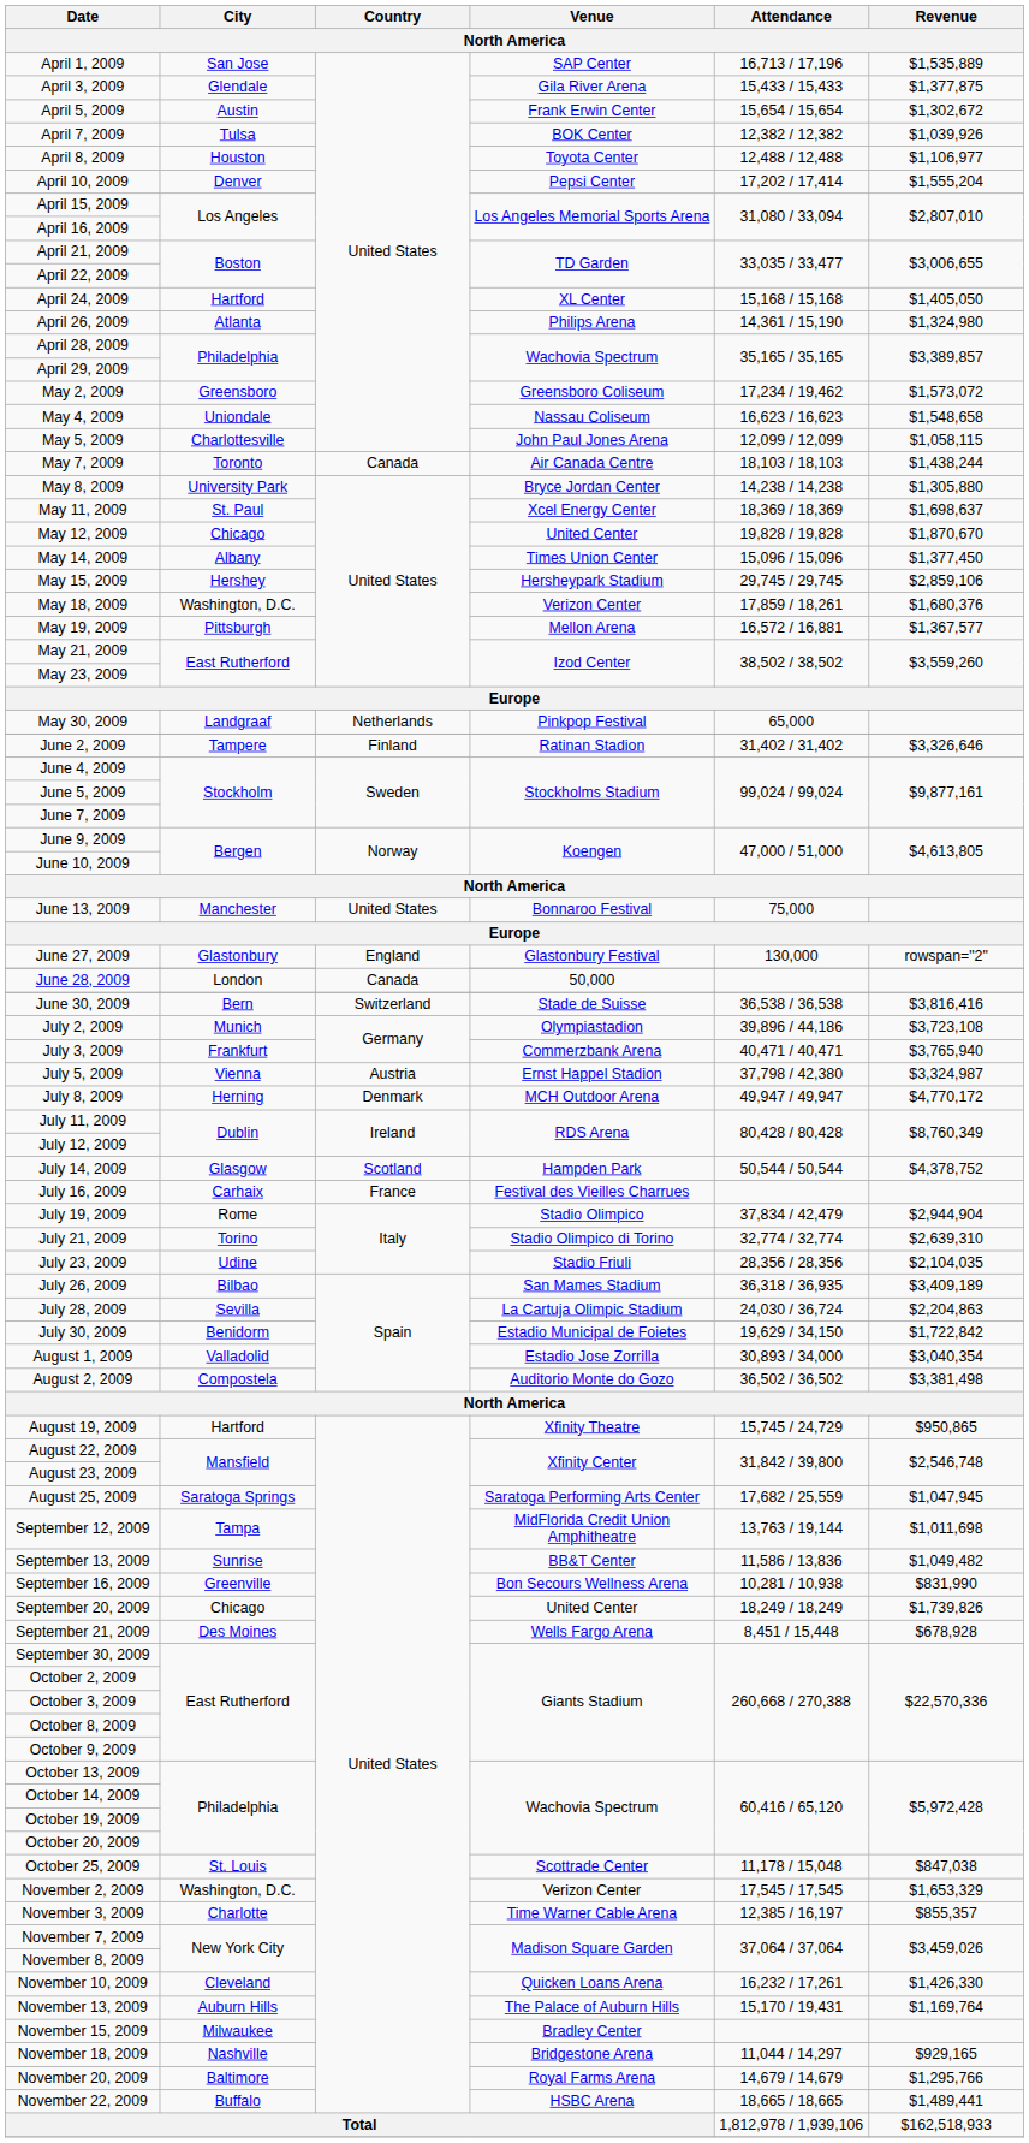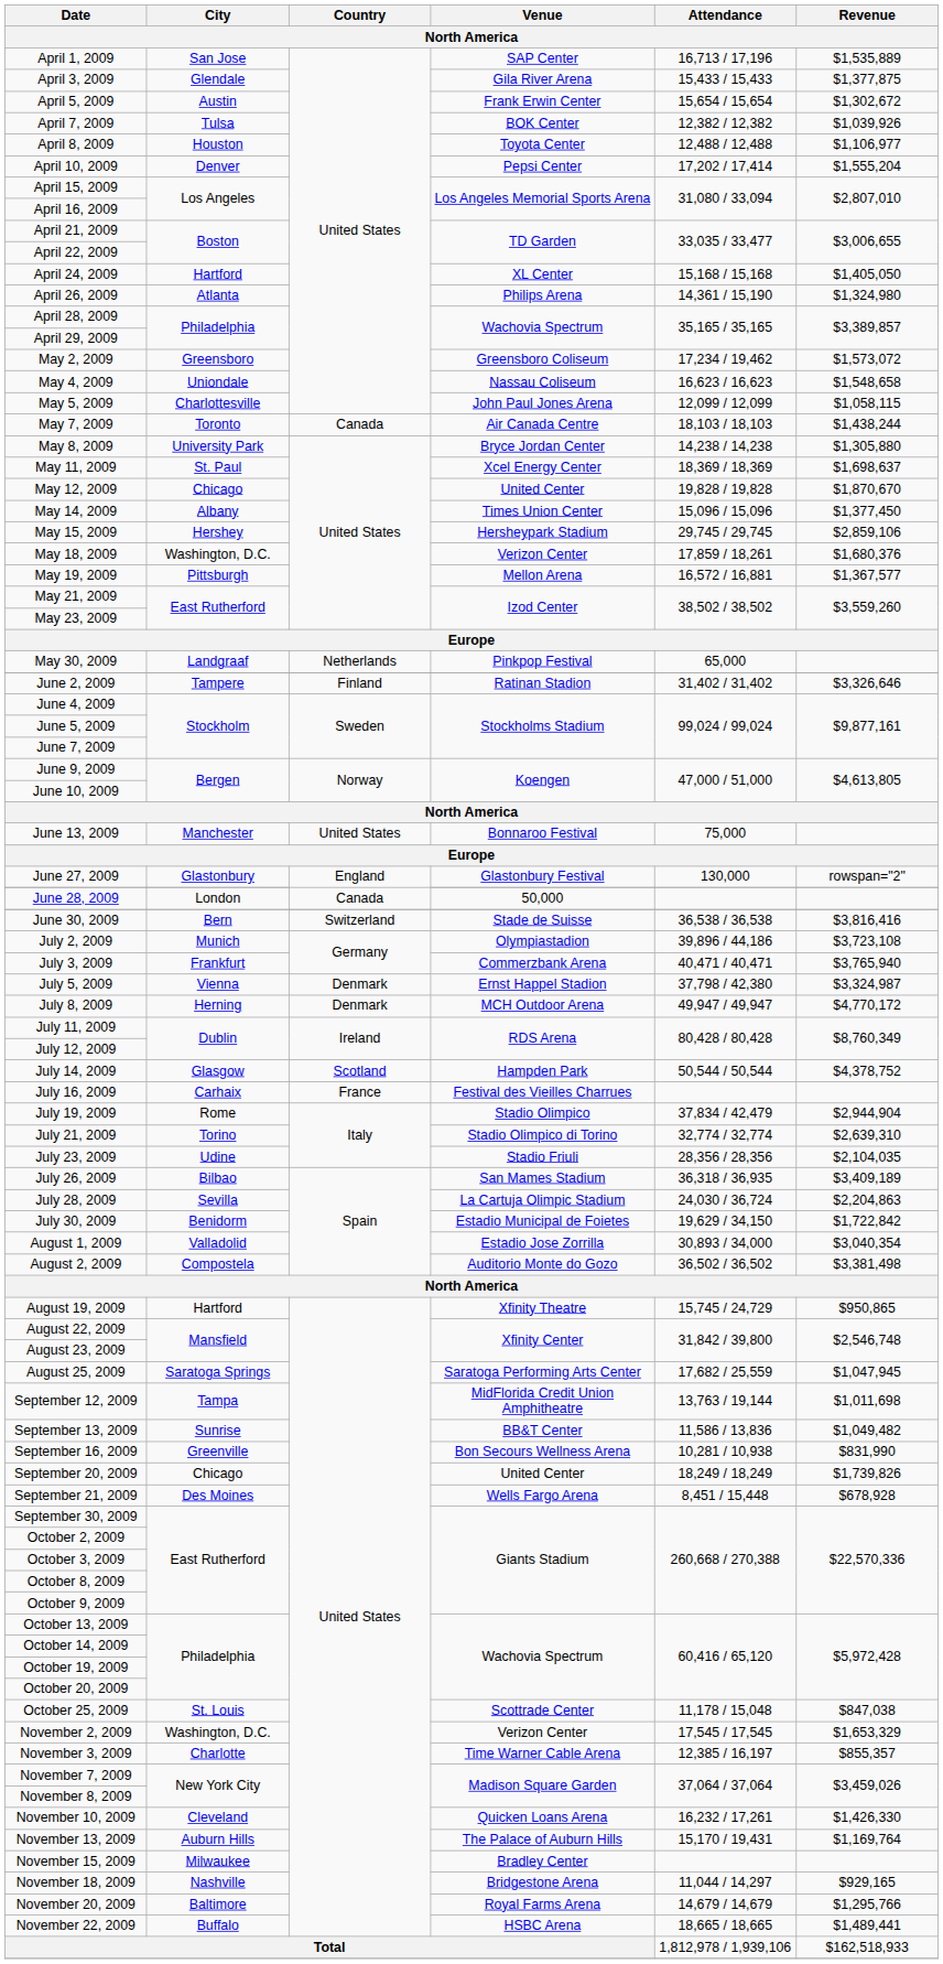 <table class="wikitable" style="text-align:center;">
 <tr>
 <th scope="col" style="width:10em;">Date</th>
 <th scope="col" style="width:10em;">City</th>
 <th scope="col" style="width:10em;">Country</th>
 <th scope="col" style="width:16em;">Venue</th>
 <th scope="col" style="width:10em;">Attendance</th>
 <th scope="col" style="width:10em;">Revenue</th>
 </tr>
 <tr>
 <th colspan="6">North America</th>
 </tr>
 <tr>
 <td>April 1, 2009</td>
 <td><a href='#'>San Jose</a></td>
 <td rowspan="17">United States</td>
 <td><a href='#'>SAP Center</a></td>
 <td>16,713 / 17,196</td>
 <td>$1,535,889</td>
 </tr>
 <tr>
 <td>April 3, 2009</td>
 <td><a href='#'>Glendale</a></td>
 <td><a href='#'>Gila River Arena</a></td>
 <td>15,433 / 15,433</td>
 <td>$1,377,875</td>
 </tr>
 <tr>
 <td>April 5, 2009</td>
 <td><a href='#'>Austin</a></td>
 <td><a href='#'>Frank Erwin Center</a></td>
 <td>15,654 / 15,654</td>
 <td>$1,302,672</td>
 </tr>
 <tr>
 <td>April 7, 2009</td>
 <td><a href='#'>Tulsa</a></td>
 <td><a href='#'>BOK Center</a></td>
 <td>12,382 / 12,382</td>
 <td>$1,039,926</td>
 </tr>
 <tr>
 <td>April 8, 2009</td>
 <td><a href='#'>Houston</a></td>
 <td><a href='#'>Toyota Center</a></td>
 <td>12,488 / 12,488</td>
 <td>$1,106,977</td>
 </tr>
 <tr>
 <td>April 10, 2009</td>
 <td><a href='#'>Denver</a></td>
 <td><a href='#'>Pepsi Center</a></td>
 <td>17,202 / 17,414</td>
 <td>$1,555,204</td>
 </tr>
 <tr>
 <td>April 15, 2009</td>
 <td rowspan="2">Los Angeles</td>
 <td rowspan="2"><a href='#'>Los Angeles Memorial Sports Arena</a></td>
 <td rowspan="2">31,080 / 33,094</td>
 <td rowspan="2">$2,807,010</td>
 </tr>
 <tr>
 <td>April 16, 2009</td>
 </tr>
 <tr>
 <td>April 21, 2009</td>
 <td rowspan="2"><a href='#'>Boston</a></td>
 <td rowspan="2"><a href='#'>TD Garden</a></td>
 <td rowspan="2">33,035 / 33,477</td>
 <td rowspan="2">$3,006,655</td>
 </tr>
 <tr>
 <td>April 22, 2009</td>
 </tr>
 <tr>
 <td>April 24, 2009</td>
 <td><a href='#'>Hartford</a></td>
 <td><a href='#'>XL Center</a></td>
 <td>15,168 / 15,168</td>
 <td>$1,405,050</td>
 </tr>
 <tr>
 <td>April 26, 2009</td>
 <td><a href='#'>Atlanta</a></td>
 <td><a href='#'>Philips Arena</a></td>
 <td>14,361 / 15,190</td>
 <td>$1,324,980</td>
 </tr>
 <tr>
 <td>April 28, 2009</td>
 <td rowspan="2"><a href='#'>Philadelphia</a></td>
 <td rowspan="2"><a href='#'>Wachovia Spectrum</a></td>
 <td rowspan="2">35,165 / 35,165</td>
 <td rowspan="2">$3,389,857</td>
 </tr>
 <tr>
 <td>April 29, 2009</td>
 </tr>
 <tr>
 <td>May 2, 2009</td>
 <td><a href='#'>Greensboro</a></td>
 <td><a href='#'>Greensboro Coliseum</a></td>
 <td>17,234 / 19,462</td>
 <td>$1,573,072</td>
 </tr>
 <tr>
 <td>May 4, 2009</td>
 <td><a href='#'>Uniondale</a></td>
 <td><a href='#'>Nassau Coliseum</a></td>
 <td>16,623 / 16,623</td>
 <td>$1,548,658</td>
 </tr>
 <tr>
 <td>May 5, 2009</td>
 <td><a href='#'>Charlottesville</a></td>
 <td><a href='#'>John Paul Jones Arena</a></td>
 <td>12,099 / 12,099</td>
 <td>$1,058,115</td>
 </tr>
 <tr>
 <td>May 7, 2009</td>
 <td><a href='#'>Toronto</a></td>
 <td>Canada</td>
 <td><a href='#'>Air Canada Centre</a></td>
 <td>18,103 / 18,103</td>
 <td>$1,438,244</td>
 </tr>
 <tr>
 <td>May 8, 2009</td>
 <td><a href='#'>University Park</a></td>
 <td rowspan="9">United States</td>
 <td><a href='#'>Bryce Jordan Center</a></td>
 <td>14,238 / 14,238</td>
 <td>$1,305,880</td>
 </tr>
 <tr>
 <td>May 11, 2009</td>
 <td><a href='#'>St. Paul</a></td>
 <td><a href='#'>Xcel Energy Center</a></td>
 <td>18,369 / 18,369</td>
 <td>$1,698,637</td>
 </tr>
 <tr>
 <td>May 12, 2009</td>
 <td><a href='#'>Chicago</a></td>
 <td><a href='#'>United Center</a></td>
 <td>19,828 / 19,828</td>
 <td>$1,870,670</td>
 </tr>
 <tr>
 <td>May 14, 2009</td>
 <td><a href='#'>Albany</a></td>
 <td><a href='#'>Times Union Center</a></td>
 <td>15,096 / 15,096</td>
 <td>$1,377,450</td>
 </tr>
 <tr>
 <td>May 15, 2009</td>
 <td><a href='#'>Hershey</a></td>
 <td><a href='#'>Hersheypark Stadium</a></td>
 <td>29,745 / 29,745</td>
 <td>$2,859,106</td>
 </tr>
 <tr>
 <td>May 18, 2009</td>
 <td>Washington, D.C.</td>
 <td><a href='#'>Verizon Center</a></td>
 <td>17,859 / 18,261</td>
 <td>$1,680,376</td>
 </tr>
 <tr>
 <td>May 19, 2009</td>
 <td><a href='#'>Pittsburgh</a></td>
 <td><a href='#'>Mellon Arena</a></td>
 <td>16,572 / 16,881</td>
 <td>$1,367,577</td>
 </tr>
 <tr>
 <td>May 21, 2009</td>
 <td rowspan="2"><a href='#'>East Rutherford</a></td>
 <td rowspan="2"><a href='#'>Izod Center</a></td>
 <td rowspan="2">38,502 / 38,502</td>
 <td rowspan="2">$3,559,260</td>
 </tr>
 <tr>
 <td>May 23, 2009</td>
 </tr>
 <tr>
 <th colspan="6">Europe</th>
 </tr>
 <tr>
 <td>May 30, 2009</td>
 <td><a href='#'>Landgraaf</a></td>
 <td>Netherlands</td>
 <td><a href='#'>Pinkpop Festival</a></td>
 <td>65,000</td>
 <td></td>
 </tr>
 <tr>
 </tr>
 <tr>
 </tr>
 <tr>
 <td>June 2, 2009</td>
 <td><a href='#'>Tampere</a></td>
 <td>Finland</td>
 <td><a href='#'>Ratinan Stadion</a></td>
 <td>31,402 / 31,402</td>
 <td>$3,326,646</td>
 </tr>
 <tr>
 <td>June 4, 2009</td>
 <td rowspan="3"><a href='#'>Stockholm</a></td>
 <td rowspan="3">Sweden</td>
 <td rowspan="3"><a href='#'>Stockholms Stadium</a></td>
 <td rowspan="3">99,024 / 99,024</td>
 <td rowspan="3">$9,877,161</td>
 </tr>
 <tr>
 <td>June 5, 2009</td>
 </tr>
 <tr>
 <td>June 7, 2009</td>
 </tr>
 <tr>
 <td>June 9, 2009</td>
 <td rowspan="2"><a href='#'>Bergen</a></td>
 <td rowspan="2">Norway</td>
 <td rowspan="2"><a href='#'>Koengen</a></td>
 <td rowspan="2">47,000 / 51,000</td>
 <td rowspan="2">$4,613,805</td>
 </tr>
 <tr>
 <td>June 10, 2009</td>
 </tr>
 <tr>
 <th colspan="6">North America</th>
 </tr>
 <tr>
 <td>June 13, 2009</td>
 <td><a href='#'>Manchester</a></td>
 <td>United States</td>
 <td><a href='#'>Bonnaroo Festival</a></td>
 <td>75,000</td>
 <td></td>
 </tr>
 <tr>
 <th colspan="6">Europe</th>
 </tr>
 <tr>
 <td>June 27, 2009</td>
 <td><a href='#'>Glastonbury</a></td>
 <td rowspan="2">England</td>
 <td><a href='#'>Glastonbury Festival</a></td>
 <td>130,000</td>
 <td>rowspan="2" </td>
 </tr>
 <tr>
 </tr>
 <tr>
 <td><a href='#'>June 28, 2009</a></td>
 <td>London</td>
 <td>Canada</td>
 <td>50,000</td>
 <td></td>
 <td></td>
 </tr>
 <tr>
 </tr>
 <tr>
 <td>June 30, 2009</td>
 <td><a href='#'>Bern</a></td>
 <td>Switzerland</td>
 <td><a href='#'>Stade de Suisse</a></td>
 <td>36,538 / 36,538</td>
 <td>$3,816,416</td>
 </tr>
 <tr | rowspan="2"| 50 000>
 <td>July 2, 2009</td>
 <td><a href='#'>Munich</a></td>
 <td rowspan="2">Germany</td>
 <td><a href='#'>Olympiastadion</a></td>
 <td>39,896 / 44,186</td>
 <td>$3,723,108</td>
 </tr>
 <tr>
 <td>July 3, 2009</td>
 <td><a href='#'>Frankfurt</a></td>
 <td><a href='#'>Commerzbank Arena</a></td>
 <td>40,471 / 40,471</td>
 <td>$3,765,940</td>
 </tr>
 <tr>
 <td>July 5, 2009</td>
 <td><a href='#'>Vienna</a></td>
-<td>Austria</td>
+<td>Denmark</td>
 <td><a href='#'>Ernst Happel Stadion</a></td>
 <td>37,798 / 42,380</td>
 <td>$3,324,987</td>
 </tr>
 <tr>
 <td>July 8, 2009</td>
 <td><a href='#'>Herning</a></td>
 <td>Denmark</td>
 <td><a href='#'>MCH Outdoor Arena</a></td>
 <td>49,947 / 49,947</td>
 <td>$4,770,172</td>
 </tr>
 <tr>
 <td>July 11, 2009</td>
 <td rowspan="2"><a href='#'>Dublin</a></td>
 <td rowspan="2">Ireland</td>
 <td rowspan="2"><a href='#'>RDS Arena</a></td>
 <td rowspan="2">80,428 / 80,428</td>
 <td rowspan="2">$8,760,349</td>
 </tr>
 <tr>
 <td>July 12, 2009</td>
 </tr>
 <tr>
 <td>July 14, 2009</td>
 <td><a href='#'>Glasgow</a></td>
 <td><a href='#'>Scotland</a></td>
 <td><a href='#'>Hampden Park</a></td>
 <td>50,544 / 50,544</td>
 <td>$4,378,752</td>
 </tr>
 <tr>
 <td>July 16, 2009</td>
 <td><a href='#'>Carhaix</a></td>
 <td>France</td>
 <td><a href='#'>Festival des Vieilles Charrues</a></td>
 <td></td>
 <td></td>
 </tr>
 <tr>
 <td>July 19, 2009</td>
 <td>Rome</td>
 <td rowspan="3">Italy</td>
 <td><a href='#'>Stadio Olimpico</a></td>
 <td>37,834 / 42,479</td>
 <td>$2,944,904</td>
 </tr>
 <tr>
 <td>July 21, 2009</td>
 <td><a href='#'>Torino</a></td>
 <td><a href='#'>Stadio Olimpico di Torino</a></td>
 <td>32,774 / 32,774</td>
 <td>$2,639,310</td>
 </tr>
 <tr>
 <td>July 23, 2009</td>
 <td><a href='#'>Udine</a></td>
 <td><a href='#'>Stadio Friuli</a></td>
 <td>28,356 / 28,356</td>
 <td>$2,104,035</td>
 </tr>
 <tr>
 <td>July 26, 2009</td>
 <td><a href='#'>Bilbao</a></td>
 <td rowspan="5">Spain</td>
 <td><a href='#'>San Mames Stadium</a></td>
 <td>36,318 / 36,935</td>
 <td>$3,409,189</td>
 </tr>
 <tr>
 <td>July 28, 2009</td>
 <td><a href='#'>Sevilla</a></td>
 <td><a href='#'>La Cartuja Olimpic Stadium</a></td>
 <td>24,030 / 36,724</td>
 <td>$2,204,863</td>
 </tr>
 <tr>
 <td>July 30, 2009</td>
 <td><a href='#'>Benidorm</a></td>
 <td><a href='#'>Estadio Municipal de Foietes</a></td>
 <td>19,629 / 34,150</td>
 <td>$1,722,842</td>
 </tr>
 <tr>
 <td>August 1, 2009</td>
 <td><a href='#'>Valladolid</a></td>
 <td><a href='#'>Estadio Jose Zorrilla</a></td>
 <td>30,893 / 34,000</td>
 <td>$3,040,354</td>
 </tr>
 <tr>
 <td>August 2, 2009</td>
 <td><a href='#'>Compostela</a></td>
 <td><a href='#'>Auditorio Monte do Gozo</a></td>
 <td>36,502 / 36,502</td>
 <td>$3,381,498</td>
 </tr>
 <tr>
 <th colspan="6">North America</th>
 </tr>
 <tr>
 <td>August 19, 2009</td>
 <td>Hartford</td>
 <td rowspan="29">United States</td>
 <td><a href='#'>Xfinity Theatre</a></td>
 <td>15,745 / 24,729</td>
 <td>$950,865</td>
 </tr>
 <tr>
 <td>August 22, 2009</td>
 <td rowspan="2"><a href='#'>Mansfield</a></td>
 <td rowspan="2"><a href='#'>Xfinity Center</a></td>
 <td rowspan="2">31,842 / 39,800</td>
 <td rowspan="2">$2,546,748</td>
 </tr>
 <tr>
 <td>August 23, 2009</td>
 </tr>
 <tr>
 <td>August 25, 2009</td>
 <td><a href='#'>Saratoga Springs</a></td>
 <td><a href='#'>Saratoga Performing Arts Center</a></td>
 <td>17,682 / 25,559</td>
 <td>$1,047,945</td>
 </tr>
 <tr>
 <td>September 12, 2009</td>
 <td><a href='#'>Tampa</a></td>
 <td><a href='#'>MidFlorida Credit Union Amphitheatre</a></td>
 <td>13,763 / 19,144</td>
 <td>$1,011,698</td>
 </tr>
 <tr>
 <td>September 13, 2009</td>
 <td><a href='#'>Sunrise</a></td>
 <td><a href='#'>BB&T Center</a></td>
 <td>11,586 / 13,836</td>
 <td>$1,049,482</td>
 </tr>
 <tr>
 <td>September 16, 2009</td>
 <td><a href='#'>Greenville</a></td>
 <td><a href='#'>Bon Secours Wellness Arena</a></td>
 <td>10,281 / 10,938</td>
 <td>$831,990</td>
 </tr>
 <tr>
 <td>September 20, 2009</td>
 <td>Chicago</td>
 <td>United Center</td>
 <td>18,249 / 18,249</td>
 <td>$1,739,826</td>
 </tr>
 <tr>
 <td>September 21, 2009</td>
 <td><a href='#'>Des Moines</a></td>
 <td><a href='#'>Wells Fargo Arena</a></td>
 <td>8,451 / 15,448</td>
 <td>$678,928</td>
 </tr>
 <tr>
 <td>September 30, 2009</td>
 <td rowspan="5">East Rutherford</td>
 <td rowspan="5">Giants Stadium</td>
 <td rowspan="5">260,668 / 270,388</td>
 <td rowspan="5">$22,570,336</td>
 </tr>
 <tr>
 <td>October 2, 2009</td>
 </tr>
 <tr>
 <td>October 3, 2009</td>
 </tr>
 <tr>
 <td>October 8, 2009</td>
 </tr>
 <tr>
 <td>October 9, 2009</td>
 </tr>
 <tr>
 <td>October 13, 2009</td>
 <td rowspan="4">Philadelphia</td>
 <td rowspan="4">Wachovia Spectrum</td>
 <td rowspan="4">60,416 / 65,120</td>
 <td rowspan="4">$5,972,428</td>
 </tr>
 <tr>
 <td>October 14, 2009</td>
 </tr>
 <tr>
 <td>October 19, 2009</td>
 </tr>
 <tr>
 <td>October 20, 2009</td>
 </tr>
 <tr>
 <td>October 25, 2009</td>
 <td><a href='#'>St. Louis</a></td>
 <td><a href='#'>Scottrade Center</a></td>
 <td>11,178 / 15,048</td>
 <td>$847,038</td>
 </tr>
 <tr>
 <td>November 2, 2009</td>
 <td>Washington, D.C.</td>
 <td>Verizon Center</td>
 <td>17,545 / 17,545</td>
 <td>$1,653,329</td>
 </tr>
 <tr>
 <td>November 3, 2009</td>
 <td><a href='#'>Charlotte</a></td>
 <td><a href='#'>Time Warner Cable Arena</a></td>
 <td>12,385 / 16,197</td>
 <td>$855,357</td>
 </tr>
 <tr>
 <td>November 7, 2009</td>
 <td rowspan="2">New York City</td>
 <td rowspan="2"><a href='#'>Madison Square Garden</a></td>
 <td rowspan="2">37,064 / 37,064</td>
 <td rowspan="2">$3,459,026</td>
 </tr>
 <tr>
 <td>November 8, 2009</td>
 </tr>
 <tr>
 <td>November 10, 2009</td>
 <td><a href='#'>Cleveland</a></td>
 <td><a href='#'>Quicken Loans Arena</a></td>
 <td>16,232 / 17,261</td>
 <td>$1,426,330</td>
 </tr>
 <tr>
 <td>November 13, 2009</td>
 <td><a href='#'>Auburn Hills</a></td>
 <td><a href='#'>The Palace of Auburn Hills</a></td>
 <td>15,170 / 19,431</td>
 <td>$1,169,764</td>
 </tr>
 <tr>
 <td>November 15, 2009</td>
 <td><a href='#'>Milwaukee</a></td>
 <td><a href='#'>Bradley Center</a></td>
 <td></td>
 <td></td>
 </tr>
 <tr>
 <td>November 18, 2009</td>
 <td><a href='#'>Nashville</a></td>
 <td><a href='#'>Bridgestone Arena</a></td>
 <td>11,044 / 14,297</td>
 <td>$929,165</td>
 </tr>
 <tr>
 <td>November 20, 2009</td>
 <td><a href='#'>Baltimore</a></td>
 <td><a href='#'>Royal Farms Arena</a></td>
 <td>14,679 / 14,679</td>
 <td>$1,295,766</td>
 </tr>
 <tr>
 <td>November 22, 2009</td>
 <td><a href='#'>Buffalo</a></td>
 <td><a href='#'>HSBC Arena</a></td>
 <td>18,665 / 18,665</td>
 <td>$1,489,441</td>
 </tr>
 <tr>
 <th colspan="4">Total</th>
 <td>1,812,978 / 1,939,106</td>
 <td>$162,518,933</td>
 </tr>
 <tr>
 </tr>
 </table>
